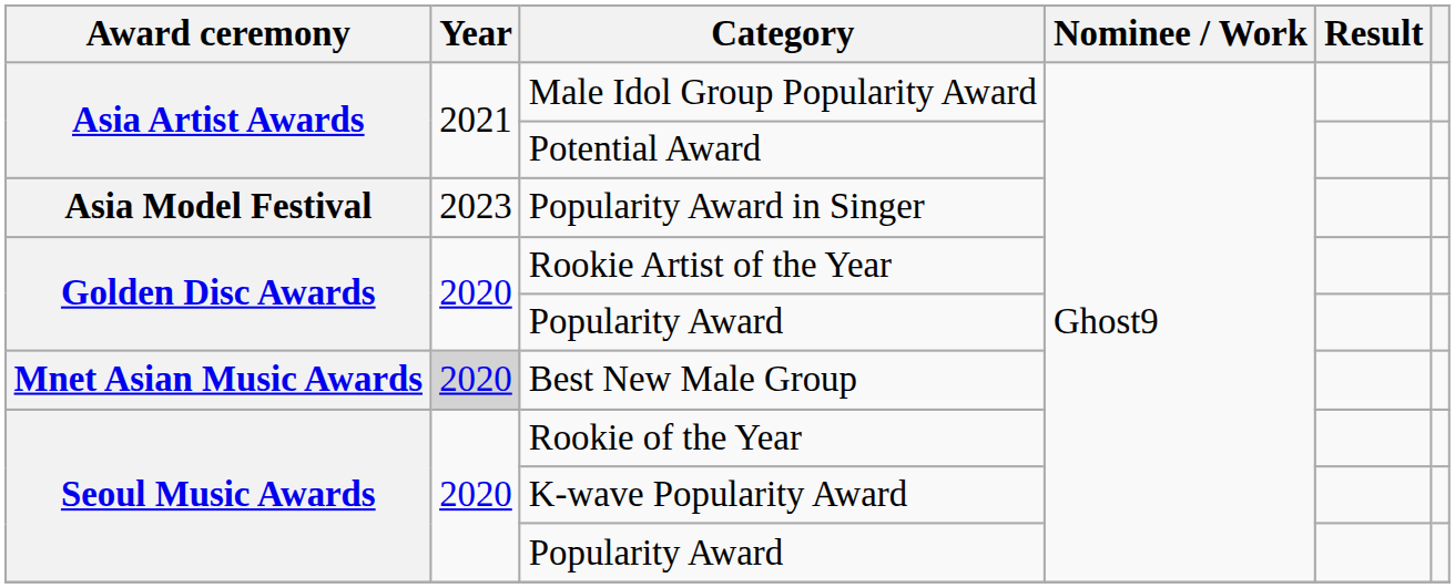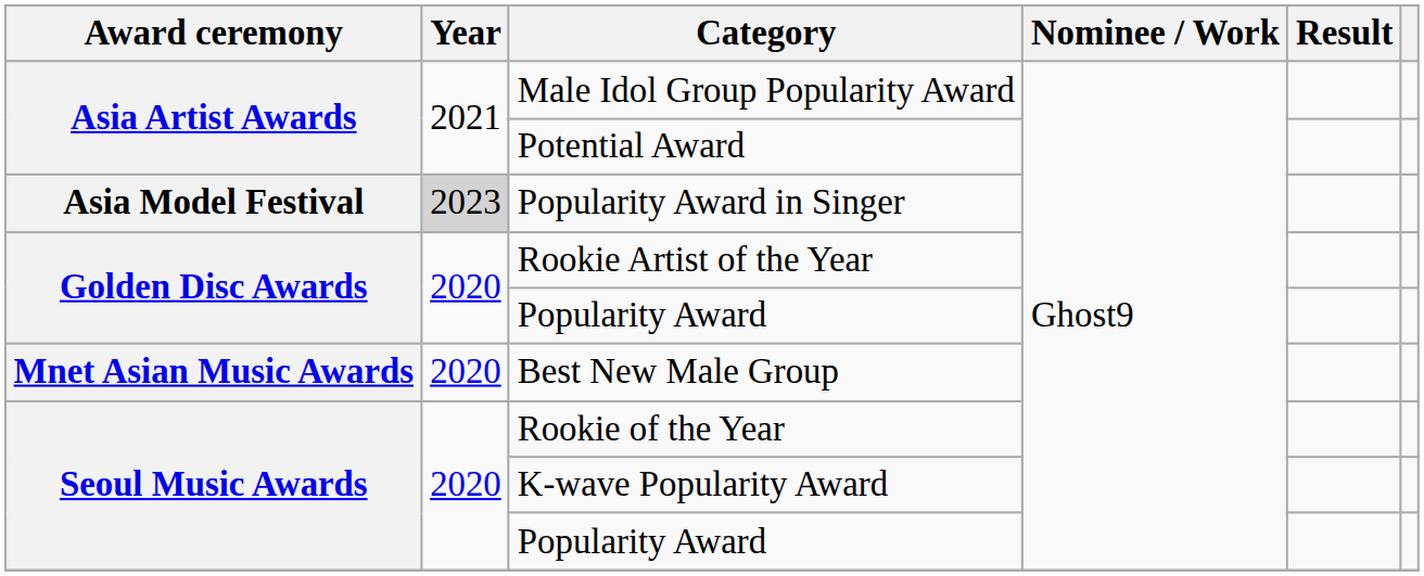 <table class="wikitable plainrowheaders sortable">
 <tr>
 <th scope="col">Award ceremony</th>
 <th scope="col">Year</th>
 <th scope="col">Category</th>
 <th scope="col">Nominee / Work</th>
 <th scope="col">Result</th>
 <th scope="col" class="unsortable"></th>
 </tr>
 <tr>
 <th scope="row"  rowspan="2"><a href='#'>Asia Artist Awards</a></th>
 <td style="text-align:center" rowspan="2">2021</td>
 <td>Male Idol Group Popularity Award</td>
 <td rowspan="9">Ghost9</td>
 <td></td>
 <td></td>
 </tr>
 <tr>
 <td>Potential Award</td>
 <td></td>
 <td style="text-align:center"></td>
 </tr>
 <tr>
 <th scope="row" rowspan=1>Asia Model Festival</th>
-<td style="text-align:center">2023</td>
+<td style="background: lightgrey; text-align:center">2023</td>
 <td>Popularity Award in Singer</td>
 <td></td>
 <td style="text-align:center"></td>
 </tr>
 <tr>
 <th scope="row" rowspan="2"><a href='#'>Golden Disc Awards</a></th>
 <td style="text-align:center" rowspan="2"><a href='#'>2020</a></td>
 <td>Rookie Artist of the Year</td>
 <td></td>
 <td></td>
 </tr>
 <tr>
 <td>Popularity Award</td>
 <td></td>
 <td></td>
 </tr>
 <tr>
 <th scope="row"  rowspan="1"><a href='#'>Mnet Asian Music Awards</a></th>
-<td style="background: lightgrey; text-align:center"><a href='#'>2020</a></td>
+<td style="text-align:center"><a href='#'>2020</a></td>
 <td>Best New Male Group</td>
 <td></td>
 <td></td>
 </tr>
 <tr>
 <th scope="row" rowspan="3"><a href='#'>Seoul Music Awards</a></th>
 <td style="text-align:center" rowspan="3"><a href='#'>2020</a></td>
 <td>Rookie of the Year</td>
 <td></td>
 <td></td>
 </tr>
 <tr>
 <td>K-wave Popularity Award</td>
 <td></td>
 <td></td>
 </tr>
 <tr>
 <td>Popularity Award</td>
 <td></td>
 <td></td>
 </tr>
 <tr>
 </tr>
 </table>
